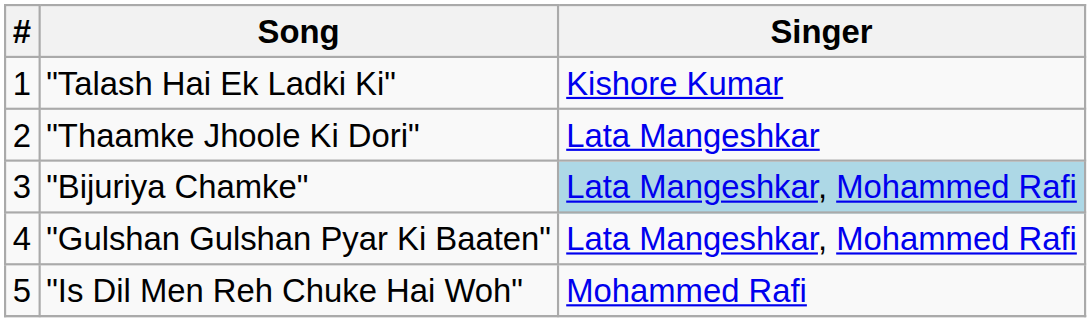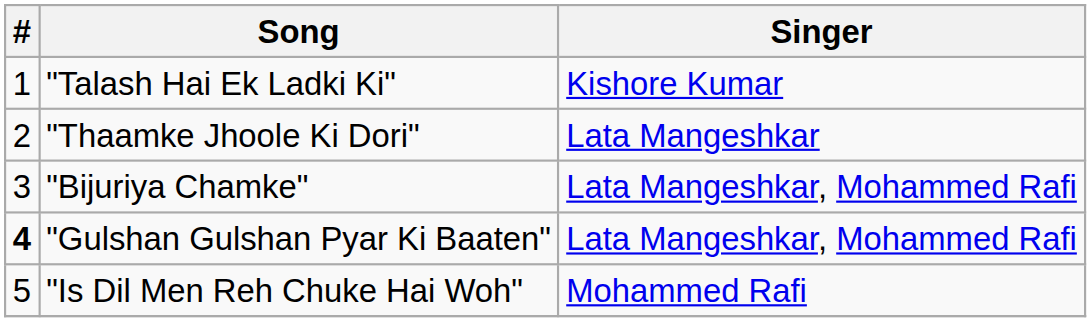 <table class="wikitable" style="font-size:95%;">
 <tr>
 <th>#</th>
 <th>Song</th>
 <th>Singer</th>
 </tr>
 <tr>
 <td>1</td>
 <td>"Talash Hai Ek Ladki Ki"</td>
 <td><a href='#'>Kishore Kumar</a></td>
 </tr>
 <tr>
 <td>2</td>
 <td>"Thaamke Jhoole Ki Dori"</td>
 <td><a href='#'>Lata Mangeshkar</a></td>
 </tr>
 <tr>
 <td>3</td>
 <td>"Bijuriya Chamke"</td>
-<td style="background: lightblue;"><a href='#'>Lata Mangeshkar</a>, <a href='#'>Mohammed Rafi</a></td>
+<td><a href='#'>Lata Mangeshkar</a>, <a href='#'>Mohammed Rafi</a></td>
 </tr>
 <tr>
-<td>4</td>
+<td><strong>4</strong></td>
 <td>"Gulshan Gulshan Pyar Ki Baaten"</td>
 <td><a href='#'>Lata Mangeshkar</a>, <a href='#'>Mohammed Rafi</a></td>
 </tr>
 <tr>
 <td>5</td>
 <td>"Is Dil Men Reh Chuke Hai Woh"</td>
 <td><a href='#'>Mohammed Rafi</a></td>
 </tr>
 <tr>
 </tr>
 </table>
